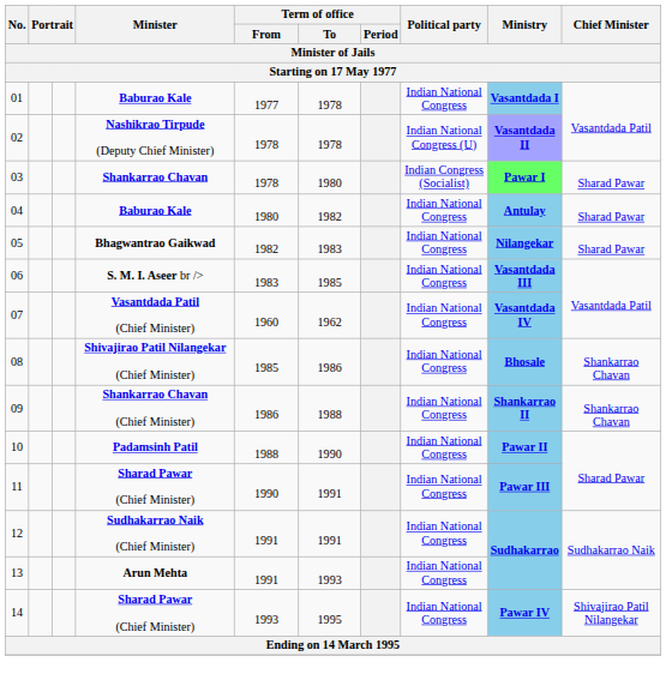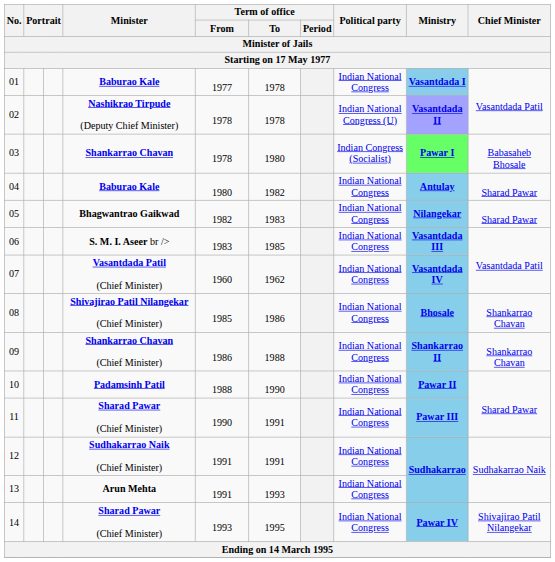 <table class="wikitable" style="text-align:center">
 <tr>
 <th rowspan="2">No.</th>
 <th rowspan="2" colspan="2">Portrait</th>
 <th rowspan="2" style="width:16em">Minister<br></th>
 <th colspan="3">Term of office</th>
 <th rowspan="2" style="width:8em">Political party</th>
 <th rowspan="2">Ministry</th>
 <th rowspan="2" style="width:9em">Chief Minister</th>
 </tr>
 <tr>
 <th style="width:6em">From</th>
 <th style="width:6em">To</th>
 <th>Period</th>
 </tr>
 <tr>
 <th colspan="10">Minister of Jails</th>
 </tr>
 <tr>
 <th colspan="10">Starting on 17 May 1977</th>
 </tr>
 <tr>
 <td>01</td>
 <td style="color:inherit;background:"></td>
 <td></td>
 <td><strong><a href='#'>Baburao Kale</a></strong> <br> </td>
 <td><br>1977</td>
 <td><br>1978</td>
 <th></th>
 <td><a href='#'>Indian National Congress</a></td>
 <td rowspan="1" bgcolor="#88CEEB"><a href='#'><strong>Vasantdada I</strong></a></td>
 <td rowspan="2"><br><a href='#'>Vasantdada Patil</a></td>
 </tr>
 <tr>
 <td>02</td>
 <td style="color:inherit;background:"></td>
 <td></td>
 <td><strong><a href='#'>Nashikrao Tirpude</a></strong><br>  <br>(Deputy Chief Minister)</td>
 <td><br>1978</td>
 <td><br>1978</td>
 <th></th>
 <td><a href='#'>Indian National Congress (U)</a></td>
 <td bgcolor="#A3A3FF"><a href='#'><strong>Vasantdada II</strong></a></td>
 </tr>
 <tr>
 <td>03</td>
 <td style="color:inherit;background:"></td>
 <td></td>
 <td><strong><a href='#'>Shankarrao Chavan</a></strong> <br> </td>
 <td><br>1978</td>
 <td><br>1980</td>
 <th></th>
 <td><a href='#'>Indian Congress (Socialist)</a></td>
 <td rowspan="1" bgcolor="#66FF66"><a href='#'><strong>Pawar I</strong></a></td>
-<td rowspan="1"><br><a href='#'>Sharad Pawar</a></td>
+<td rowspan="1"> <br><a href='#'>Babasaheb Bhosale</a></td>
 </tr>
 <tr>
 <td>04</td>
 <td style="color:inherit;background:"></td>
 <td></td>
 <td><strong><a href='#'>Baburao Kale</a></strong> <br> </td>
 <td><br>1980</td>
 <td><br>1982</td>
 <th></th>
 <td><a href='#'>Indian National Congress</a></td>
 <td bgcolor="#87CEEB"><a href='#'><strong>Antulay</strong></a></td>
 <td rowspan="1"><br><a href='#'>Sharad Pawar</a></td>
 </tr>
 <tr>
 <td>05</td>
 <td style="color:inherit;background:"></td>
 <td></td>
 <td><strong>Bhagwantrao Gaikwad</strong> <br> </td>
 <td><br>1982</td>
 <td><br>1983</td>
 <th></th>
 <td><a href='#'>Indian National Congress</a></td>
 <td bgcolor="#87CEEB"><a href='#'><strong>Nilangekar</strong></a></td>
 <td rowspan="1"><br><a href='#'>Sharad Pawar</a></td>
 </tr>
 <tr>
 <td>06</td>
 <td style="color:inherit;background:"></td>
 <td></td>
 <td><strong>S. M. I. Aseer</strong> br /> </td>
 <td><br>1983</td>
 <td><br>1985</td>
 <th></th>
 <td><a href='#'>Indian National Congress</a></td>
 <td bgcolor="#87CEEB"><a href='#'><strong>Vasantdada III</strong></a></td>
 <td rowspan="2"><br><a href='#'>Vasantdada Patil</a></td>
 </tr>
 <tr>
 <td>07</td>
 <td style="color:inherit;background:"></td>
 <td></td>
 <td><strong><a href='#'>Vasantdada Patil</a></strong> <br> <br>(Chief Minister)</td>
 <td><br>1960</td>
 <td><br>1962</td>
 <th></th>
 <td><a href='#'>Indian National Congress</a></td>
 <td bgcolor="#87CEEB"><a href='#'><strong>Vasantdada IV</strong></a></td>
 </tr>
 <tr>
 <td>08</td>
 <td style="color:inherit;background:"></td>
 <td></td>
 <td><strong><a href='#'>Shivajirao Patil Nilangekar</a></strong> <br> <br>(Chief Minister)</td>
 <td><br>1985</td>
 <td><br>1986</td>
 <th></th>
 <td><a href='#'>Indian National Congress</a></td>
 <td bgcolor="#87CEEB"><a href='#'><strong>Bhosale</strong></a></td>
 <td rowspan="1"> <br><a href='#'>Shankarrao Chavan</a></td>
 </tr>
 <tr>
 <td>09</td>
 <td style="color:inherit;background:"></td>
 <td></td>
 <td><strong><a href='#'>Shankarrao Chavan</a></strong> <br> <br>(Chief Minister)</td>
 <td><br>1986</td>
 <td><br>1988</td>
 <th></th>
 <td><a href='#'>Indian National Congress</a></td>
 <td bgcolor="#87CEEB"><a href='#'><strong>Shankarrao II</strong></a></td>
 <td rowspan="1"> <br><a href='#'>Shankarrao Chavan</a></td>
 </tr>
 <tr>
 <td>10</td>
 <td style="color:inherit;background:"></td>
 <td></td>
 <td><strong><a href='#'>Padamsinh Patil</a></strong> <br> </td>
 <td><br>1988</td>
 <td><br>1990</td>
 <th></th>
 <td><a href='#'>Indian National Congress</a></td>
 <td bgcolor="#87CEEB"><a href='#'><strong>Pawar II</strong></a></td>
 <td rowspan="2"> <br><a href='#'>Sharad Pawar</a></td>
 </tr>
 <tr>
 <td>11</td>
 <td style="color:inherit;background:"></td>
 <td></td>
 <td><strong><a href='#'>Sharad Pawar</a></strong> <br> <br> (Chief Minister)</td>
 <td><br>1990</td>
 <td><br>1991</td>
 <th></th>
 <td><a href='#'>Indian National Congress</a></td>
 <td bgcolor="#87CEEB"><a href='#'><strong>Pawar III</strong></a></td>
 </tr>
 <tr>
 <td>12</td>
 <td style="color:inherit;background:"></td>
 <td></td>
 <td><strong><a href='#'>Sudhakarrao Naik</a></strong> <br> <br>(Chief Minister)</td>
 <td><br>1991</td>
 <td><br>1991</td>
 <th></th>
 <td><a href='#'>Indian National Congress</a></td>
 <td rowspan="2" bgcolor="#87CEEB"><a href='#'><strong>Sudhakarrao</strong></a></td>
 <td rowspan="2"><a href='#'>Sudhakarrao Naik</a></td>
 </tr>
 <tr>
 <td>13</td>
 <td style="color:inherit;background:"></td>
 <td></td>
 <td><strong>Arun Mehta</strong> <br> </td>
 <td><br>1991</td>
 <td><br>1993</td>
 <th></th>
 <td><a href='#'>Indian National Congress</a></td>
 </tr>
 <tr>
 <td>14</td>
 <td style="color:inherit;background:"></td>
 <td></td>
 <td><strong><a href='#'>Sharad Pawar</a></strong> <br> <br>(Chief Minister)</td>
 <td><br>1993</td>
 <td><br>1995</td>
 <th></th>
 <td><a href='#'>Indian National Congress</a></td>
 <td bgcolor="#87CEEB"><a href='#'><strong>Pawar IV</strong></a></td>
 <td><a href='#'>Shivajirao Patil Nilangekar</a></td>
 </tr>
 <tr>
 <th colspan="10">Ending on 14 March 1995</th>
 </tr>
 <tr>
 </tr>
 </table>
